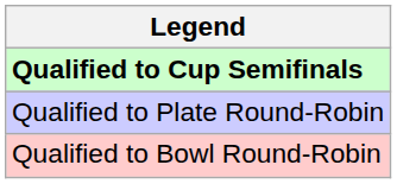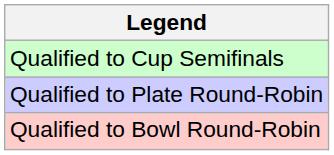 <table class="wikitable">
 <tr>
 <th>Legend</th>
 </tr>
 <tr bgcolor=ccffcc>
-<td><strong>Qualified to Cup Semifinals</strong></td>
+<td>Qualified to Cup Semifinals</td>
 </tr>
 <tr bgcolor=ccccff>
 <td>Qualified to Plate Round-Robin</td>
 </tr>
 <tr bgcolor=ffcccc>
 <td>Qualified to Bowl Round-Robin</td>
 </tr>
 </table>
